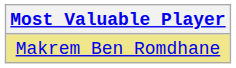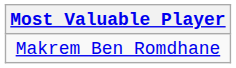 <table class=wikitable style="text-align:center; margin:auto">
 <tr>
 <th><a href='#'>Most Valuable Player</a></th>
 </tr>
 <tr>
-<td style="background: khaki;"> <a href='#'>Makrem Ben Romdhane</a></td>
+<td> <a href='#'>Makrem Ben Romdhane</a></td>
 </tr>
 </table>
